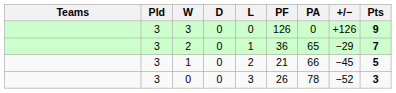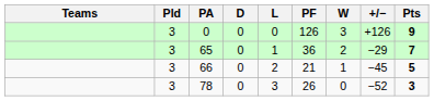 <table class="wikitable" style="text-align: center;">
 <tr>
 <th width="200">Teams</th>
 <th width="40">Pld</th>
-<th width="40">W</th>
+<th width="40">PA</th>
 <th width="40">D</th>
 <th width="40">L</th>
 <th width="40">PF</th>
-<th width="40">PA</th>
+<th width="40">W</th>
 <th width="40">+/−</th>
 <th width="40">Pts</th>
 </tr>
 <tr style="background:#cfc; width:20px;">
 <td align=left></td>
 <td>3</td>
-<td>3</td>
+<td>0</td>
 <td>0</td>
 <td>0</td>
 <td>126</td>
-<td>0</td>
+<td>3</td>
 <td>+126</td>
 <td><strong>9</strong></td>
 </tr>
 <tr style="background:#cfc; width:20px;">
 <td align=left></td>
 <td>3</td>
-<td>2</td>
+<td>65</td>
 <td>0</td>
 <td>1</td>
 <td>36</td>
-<td>65</td>
+<td>2</td>
 <td>−29</td>
 <td><strong>7</strong></td>
 </tr>
 <tr>
 <td align=left></td>
 <td>3</td>
-<td>1</td>
+<td>66</td>
 <td>0</td>
 <td>2</td>
 <td>21</td>
-<td>66</td>
+<td>1</td>
 <td>−45</td>
 <td><strong>5</strong></td>
 </tr>
 <tr>
 <td align=left></td>
 <td>3</td>
-<td>0</td>
+<td>78</td>
 <td>0</td>
 <td>3</td>
 <td>26</td>
-<td>78</td>
+<td>0</td>
 <td>−52</td>
 <td><strong>3</strong></td>
 </tr>
 </table>
